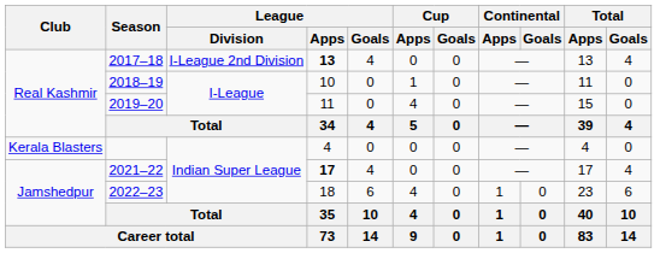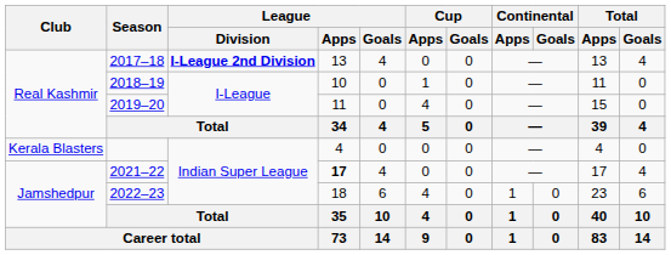 <table class="wikitable" style="text-align:center">
 <tr>
 <th rowspan=2>Club</th>
 <th rowspan=2>Season</th>
 <th colspan=3>League</th>
 <th colspan=2>Cup</th>
 <th colspan=2>Continental</th>
 <th colspan=2>Total</th>
 </tr>
 <tr>
 <th>Division</th>
 <th>Apps</th>
 <th>Goals</th>
 <th>Apps</th>
 <th>Goals</th>
 <th>Apps</th>
 <th>Goals</th>
 <th>Apps</th>
 <th>Goals</th>
 </tr>
 <tr>
 <td rowspan="4"><a href='#'>Real Kashmir</a></td>
 <td><a href='#'>2017–18</a></td>
-<td><a href='#'>I-League 2nd Division</a></td>
-<td><strong>13</strong></td>
+<td><strong><a href='#'>I-League 2nd Division</a></strong></td>
+<td>13</td>
 <td>4</td>
 <td>0</td>
 <td>0</td>
 <td colspan="2">—</td>
 <td>13</td>
 <td>4</td>
 </tr>
 <tr>
 <td><a href='#'>2018–19</a></td>
 <td rowspan="2"><a href='#'>I-League</a></td>
 <td>10</td>
 <td>0</td>
 <td>1</td>
 <td>0</td>
 <td colspan="2">—</td>
 <td>11</td>
 <td>0</td>
 </tr>
 <tr>
 <td><a href='#'>2019–20</a></td>
 <td>11</td>
 <td>0</td>
 <td>4</td>
 <td>0</td>
 <td colspan="2">—</td>
 <td>15</td>
 <td>0</td>
 </tr>
 <tr>
 <th colspan="2">Total</th>
 <th>34</th>
 <th>4</th>
 <th>5</th>
 <th>0</th>
 <th colspan="2">—</th>
 <th>39</th>
 <th>4</th>
 </tr>
 <tr>
 <td><a href='#'>Kerala Blasters</a></td>
 <td></td>
 <td rowspan="3"><a href='#'>Indian Super League</a></td>
 <td>4</td>
 <td>0</td>
 <td>0</td>
 <td>0</td>
 <td colspan="2">—</td>
 <td>4</td>
 <td>0</td>
 </tr>
 <tr>
 <td rowspan="3"><a href='#'>Jamshedpur</a></td>
 <td><a href='#'>2021–22</a></td>
 <td><strong>17</strong></td>
 <td>4</td>
 <td>0</td>
 <td>0</td>
 <td colspan="2">—</td>
 <td>17</td>
 <td>4</td>
 </tr>
 <tr>
 <td><a href='#'>2022–23</a></td>
 <td>18</td>
 <td>6</td>
 <td>4</td>
 <td>0</td>
 <td>1</td>
 <td>0</td>
 <td>23</td>
 <td>6</td>
 </tr>
 <tr>
 <th colspan="2">Total</th>
 <th>35</th>
 <th>10</th>
 <th>4</th>
 <th>0</th>
 <th>1</th>
 <th>0</th>
 <th>40</th>
 <th>10</th>
 </tr>
 <tr>
 <th colspan="3">Career total</th>
 <th>73</th>
 <th>14</th>
 <th>9</th>
 <th>0</th>
 <th>1</th>
 <th>0</th>
 <th>83</th>
 <th>14</th>
 </tr>
 </table>
